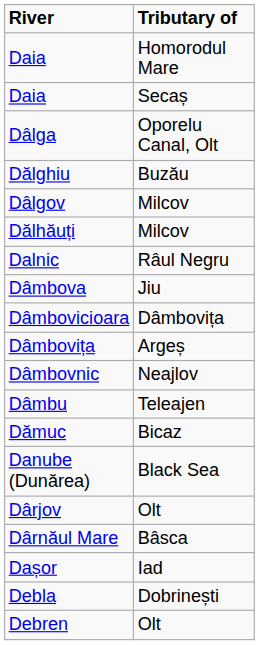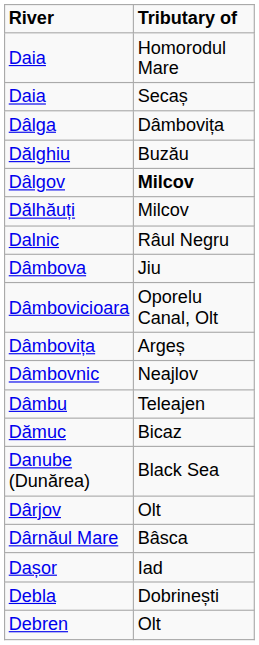 <table class="wikitable">
 <tr>
 <td width="100pt"><strong>River</strong></td>
 <td width="100pt"><strong>Tributary of</strong></td>
 </tr>
 <tr>
 <td><a href='#'>Daia</a></td>
 <td>Homorodul Mare</td>
 </tr>
 <tr>
 <td><a href='#'>Daia</a></td>
 <td>Secaș</td>
 </tr>
 <tr>
 <td><a href='#'>Dâlga</a></td>
-<td>Oporelu Canal, Olt</td>
+<td>Dâmbovița</td>
 </tr>
 <tr>
 <td><a href='#'>Dălghiu</a></td>
 <td>Buzău</td>
 </tr>
 <tr>
 <td><a href='#'>Dâlgov</a></td>
-<td>Milcov</td>
+<td><strong>Milcov</strong></td>
 </tr>
 <tr>
 <td><a href='#'>Dălhăuți</a></td>
 <td>Milcov</td>
 </tr>
 <tr>
 <td><a href='#'>Dalnic</a></td>
 <td>Râul Negru</td>
 </tr>
 <tr>
 <td><a href='#'>Dâmbova</a></td>
 <td>Jiu</td>
 </tr>
 <tr>
 <td><a href='#'>Dâmbovicioara</a></td>
-<td>Dâmbovița</td>
+<td>Oporelu Canal, Olt</td>
 </tr>
 <tr>
 <td><a href='#'>Dâmbovița</a></td>
 <td>Argeș</td>
 </tr>
 <tr>
 <td><a href='#'>Dâmbovnic</a></td>
 <td>Neajlov</td>
 </tr>
 <tr>
 <td><a href='#'>Dâmbu</a></td>
 <td>Teleajen</td>
 </tr>
 <tr>
 <td><a href='#'>Dămuc</a></td>
 <td>Bicaz</td>
 </tr>
 <tr>
 <td><a href='#'>Danube</a> (Dunărea)</td>
 <td>Black Sea</td>
 </tr>
 <tr>
 <td><a href='#'>Dârjov</a></td>
 <td>Olt</td>
 </tr>
 <tr>
 <td><a href='#'>Dârnăul Mare</a></td>
 <td>Bâsca</td>
 </tr>
 <tr>
 <td><a href='#'>Dașor</a></td>
 <td>Iad</td>
 </tr>
 <tr>
 <td><a href='#'>Debla</a></td>
 <td>Dobrinești</td>
 </tr>
 <tr>
 <td><a href='#'>Debren</a></td>
 <td>Olt</td>
 </tr>
 </table>
